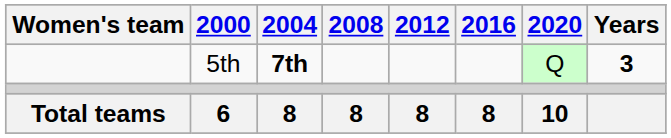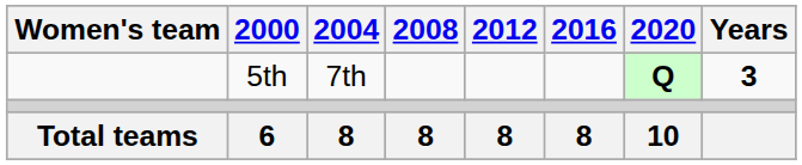 <table class="wikitable" style="text-align: center; font-size: 90%; margin-left: 1em;">
 <tr>
 <th>Women's team</th>
 <th><a href='#'>2000</a></th>
 <th><a href='#'>2004</a></th>
 <th><a href='#'>2008</a></th>
 <th><a href='#'>2012</a></th>
 <th><a href='#'>2016</a></th>
 <th><a href='#'>2020</a></th>
 <th>Years</th>
 </tr>
 <tr>
 <td style="text-align: left;"></td>
 <td>5th</td>
-<td><strong>7th</strong></td>
+<td>7th</td>
 <td></td>
 <td></td>
 <td></td>
-<td style="background-color: #ccffcc;">Q</td>
+<td style="background-color: #ccffcc;"><strong>Q</strong></td>
 <td><strong>3</strong></td>
 </tr>
 <tr style="background-color: lightgrey;">
 <td colspan="8"></td>
 </tr>
 <tr>
 <th>Total teams</th>
 <th>6</th>
 <th>8</th>
 <th>8</th>
 <th>8</th>
 <th>8</th>
 <th>10</th>
 <th></th>
 </tr>
 </table>
